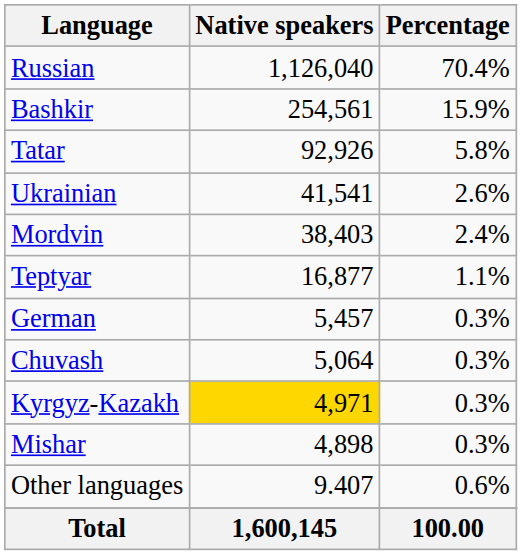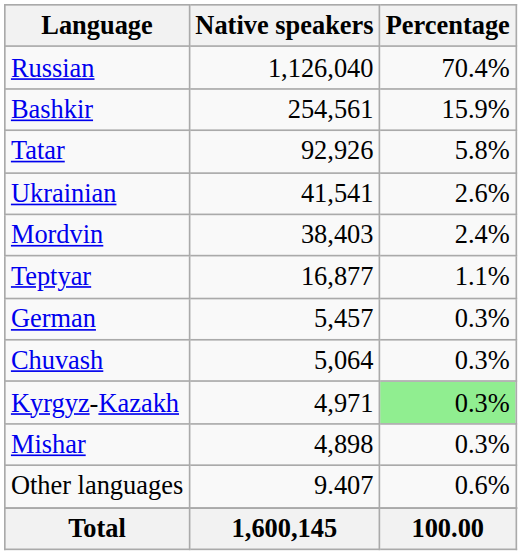 <table class="wikitable sortable">
 <tr>
 <th>Language</th>
 <th>Native speakers</th>
 <th>Percentage</th>
 </tr>
 <tr>
 <td><a href='#'>Russian</a></td>
 <td align="right">1,126,040</td>
 <td align="right">70.4%</td>
 </tr>
 <tr>
 <td><a href='#'>Bashkir</a></td>
 <td align="right">254,561</td>
 <td align="right">15.9%</td>
 </tr>
 <tr>
 <td><a href='#'>Tatar</a></td>
 <td align="right">92,926</td>
 <td align="right">5.8%</td>
 </tr>
 <tr>
 <td><a href='#'>Ukrainian</a></td>
 <td align="right">41,541</td>
 <td align="right">2.6%</td>
 </tr>
 <tr>
 <td><a href='#'>Mordvin</a></td>
 <td align="right">38,403</td>
 <td align="right">2.4%</td>
 </tr>
 <tr>
 <td><a href='#'>Teptyar</a></td>
 <td align="right">16,877</td>
 <td align="right">1.1%</td>
 </tr>
 <tr>
 <td><a href='#'>German</a></td>
 <td align="right">5,457</td>
 <td align="right">0.3%</td>
 </tr>
 <tr>
 <td><a href='#'>Chuvash</a></td>
 <td align="right">5,064</td>
 <td align="right">0.3%</td>
 </tr>
 <tr>
 <td><a href='#'>Kyrgyz</a>-<a href='#'>Kazakh</a></td>
-<td align="right" style="background: gold;">4,971</td>
-<td align="right">0.3%</td>
+<td align="right">4,971</td>
+<td align="right" style="background: lightgreen;">0.3%</td>
 </tr>
 <tr>
 <td><a href='#'>Mishar</a></td>
 <td align="right">4,898</td>
 <td align="right">0.3%</td>
 </tr>
 <tr>
 <td>Other languages</td>
 <td align="right">9.407</td>
 <td align="right">0.6%</td>
 </tr>
 <tr>
 </tr>
 <tr>
 <th>Total</th>
 <th>1,600,145</th>
 <th>100.00</th>
 </tr>
 </table>
